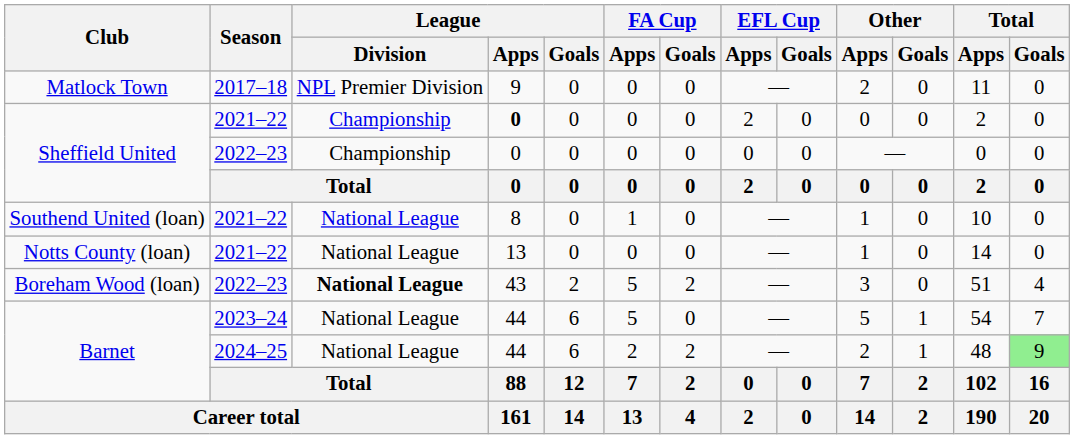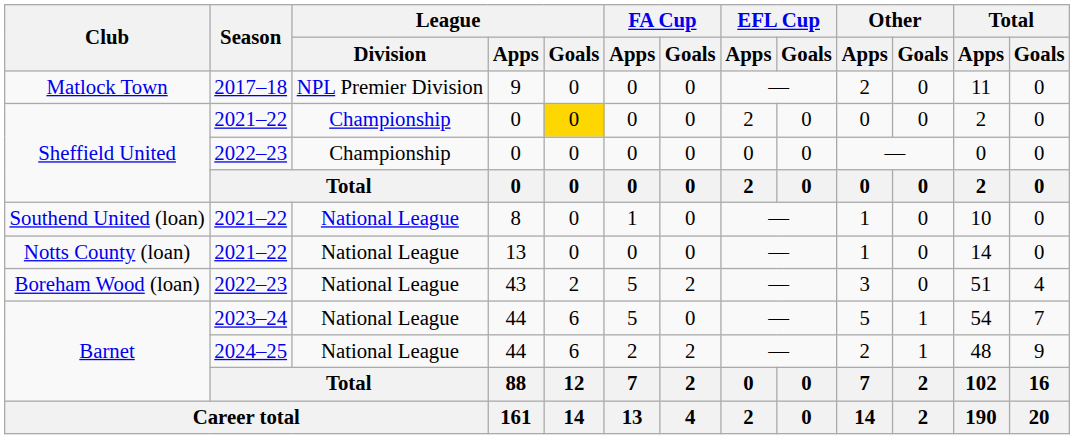 <table class="wikitable" style="text-align: center;">
 <tr>
 <th rowspan="2">Club</th>
 <th rowspan="2">Season</th>
 <th colspan="3">League</th>
 <th colspan="2"><a href='#'>FA Cup</a></th>
 <th colspan="2"><a href='#'>EFL Cup</a></th>
 <th colspan="2">Other</th>
 <th colspan="2">Total</th>
 </tr>
 <tr>
 <th>Division</th>
 <th>Apps</th>
 <th>Goals</th>
 <th>Apps</th>
 <th>Goals</th>
 <th>Apps</th>
 <th>Goals</th>
 <th>Apps</th>
 <th>Goals</th>
 <th>Apps</th>
 <th>Goals</th>
 </tr>
 <tr>
 <td><a href='#'>Matlock Town</a></td>
 <td><a href='#'>2017–18</a></td>
 <td><a href='#'>NPL</a> Premier Division</td>
 <td>9</td>
 <td>0</td>
 <td>0</td>
 <td>0</td>
 <td colspan="2">—</td>
 <td>2</td>
 <td>0</td>
 <td>11</td>
 <td>0</td>
 </tr>
 <tr>
 <td rowspan="3"><a href='#'>Sheffield United</a></td>
 <td><a href='#'>2021–22</a></td>
 <td><a href='#'>Championship</a></td>
-<td><strong>0</strong></td>
 <td>0</td>
+<td style="background: gold;">0</td>
 <td>0</td>
 <td>0</td>
 <td>2</td>
 <td>0</td>
 <td>0</td>
 <td>0</td>
 <td>2</td>
 <td>0</td>
 </tr>
 <tr>
 <td><a href='#'>2022–23</a></td>
 <td>Championship</td>
 <td>0</td>
 <td>0</td>
 <td>0</td>
 <td>0</td>
 <td>0</td>
 <td>0</td>
 <td colspan="2">—</td>
 <td>0</td>
 <td>0</td>
 </tr>
 <tr>
 <th colspan="2">Total</th>
 <th>0</th>
 <th>0</th>
 <th>0</th>
 <th>0</th>
 <th>2</th>
 <th>0</th>
 <th>0</th>
 <th>0</th>
 <th>2</th>
 <th>0</th>
 </tr>
 <tr>
 <td><a href='#'>Southend United</a> (loan)</td>
 <td><a href='#'>2021–22</a></td>
 <td><a href='#'>National League</a></td>
 <td>8</td>
 <td>0</td>
 <td>1</td>
 <td>0</td>
 <td colspan="2">—</td>
 <td>1</td>
 <td>0</td>
 <td>10</td>
 <td>0</td>
 </tr>
 <tr>
 <td><a href='#'>Notts County</a> (loan)</td>
 <td><a href='#'>2021–22</a></td>
 <td>National League</td>
 <td>13</td>
 <td>0</td>
 <td>0</td>
 <td>0</td>
 <td colspan="2">—</td>
 <td>1</td>
 <td>0</td>
 <td>14</td>
 <td>0</td>
 </tr>
 <tr>
 <td><a href='#'>Boreham Wood</a> (loan)</td>
 <td><a href='#'>2022–23</a></td>
-<td><strong>National League</strong></td>
+<td>National League</td>
 <td>43</td>
 <td>2</td>
 <td>5</td>
 <td>2</td>
 <td colspan="2">—</td>
 <td>3</td>
 <td>0</td>
 <td>51</td>
 <td>4</td>
 </tr>
 <tr>
 <td rowspan="3"><a href='#'>Barnet</a></td>
 <td><a href='#'>2023–24</a></td>
 <td>National League</td>
 <td>44</td>
 <td>6</td>
 <td>5</td>
 <td>0</td>
 <td colspan="2">—</td>
 <td>5</td>
 <td>1</td>
 <td>54</td>
 <td>7</td>
 </tr>
 <tr>
 <td><a href='#'>2024–25</a></td>
 <td>National League</td>
 <td>44</td>
 <td>6</td>
 <td>2</td>
 <td>2</td>
 <td colspan="2">—</td>
 <td>2</td>
 <td>1</td>
 <td>48</td>
-<td style="background: lightgreen;">9</td>
+<td>9</td>
 </tr>
 <tr>
 <th colspan="2">Total</th>
 <th>88</th>
 <th>12</th>
 <th>7</th>
 <th>2</th>
 <th>0</th>
 <th>0</th>
 <th>7</th>
 <th>2</th>
 <th>102</th>
 <th>16</th>
 </tr>
 <tr>
 <th colspan="3">Career total</th>
 <th>161</th>
 <th>14</th>
 <th>13</th>
 <th>4</th>
 <th>2</th>
 <th>0</th>
 <th>14</th>
 <th>2</th>
 <th>190</th>
 <th>20</th>
 </tr>
 </table>
